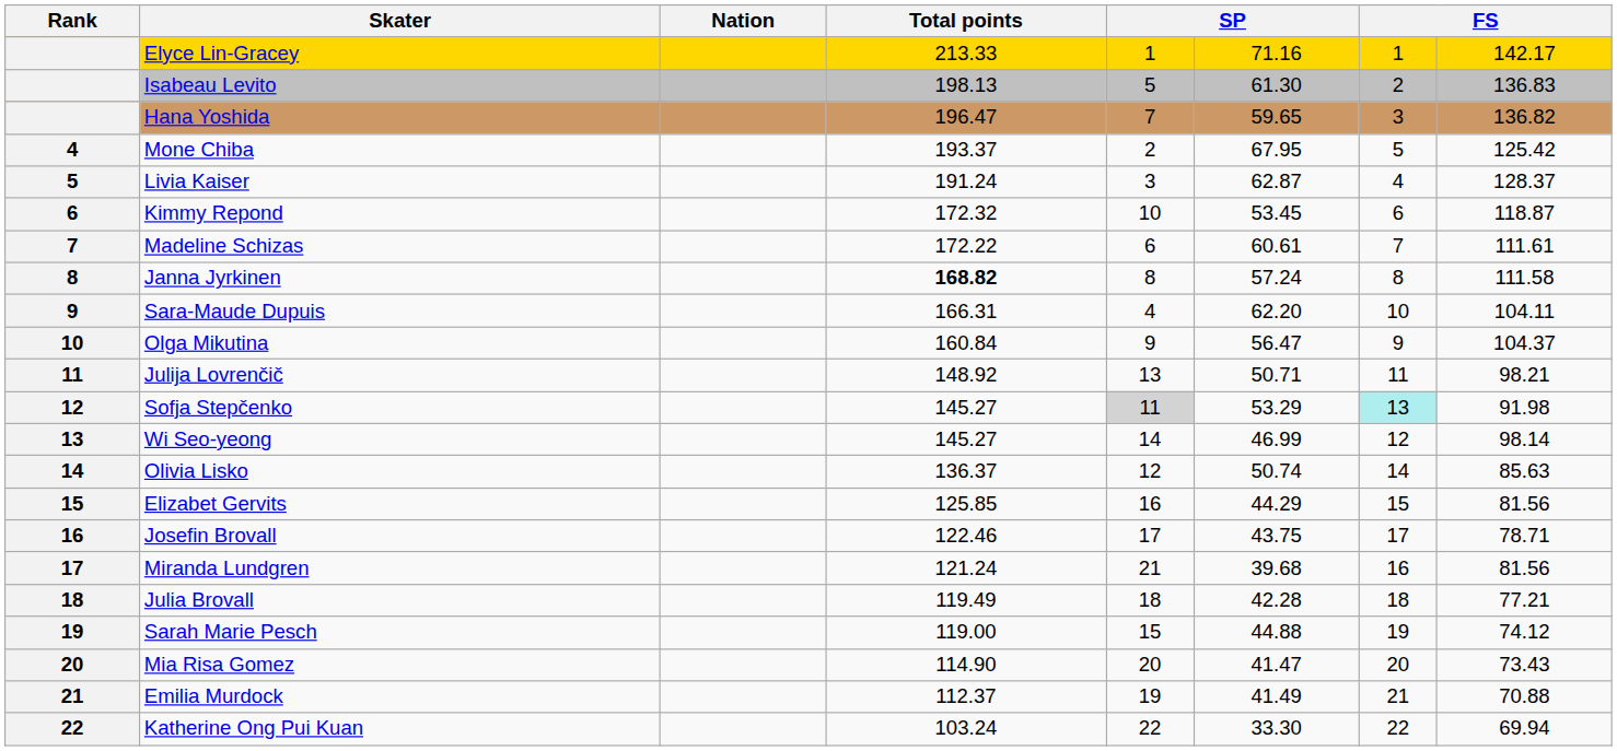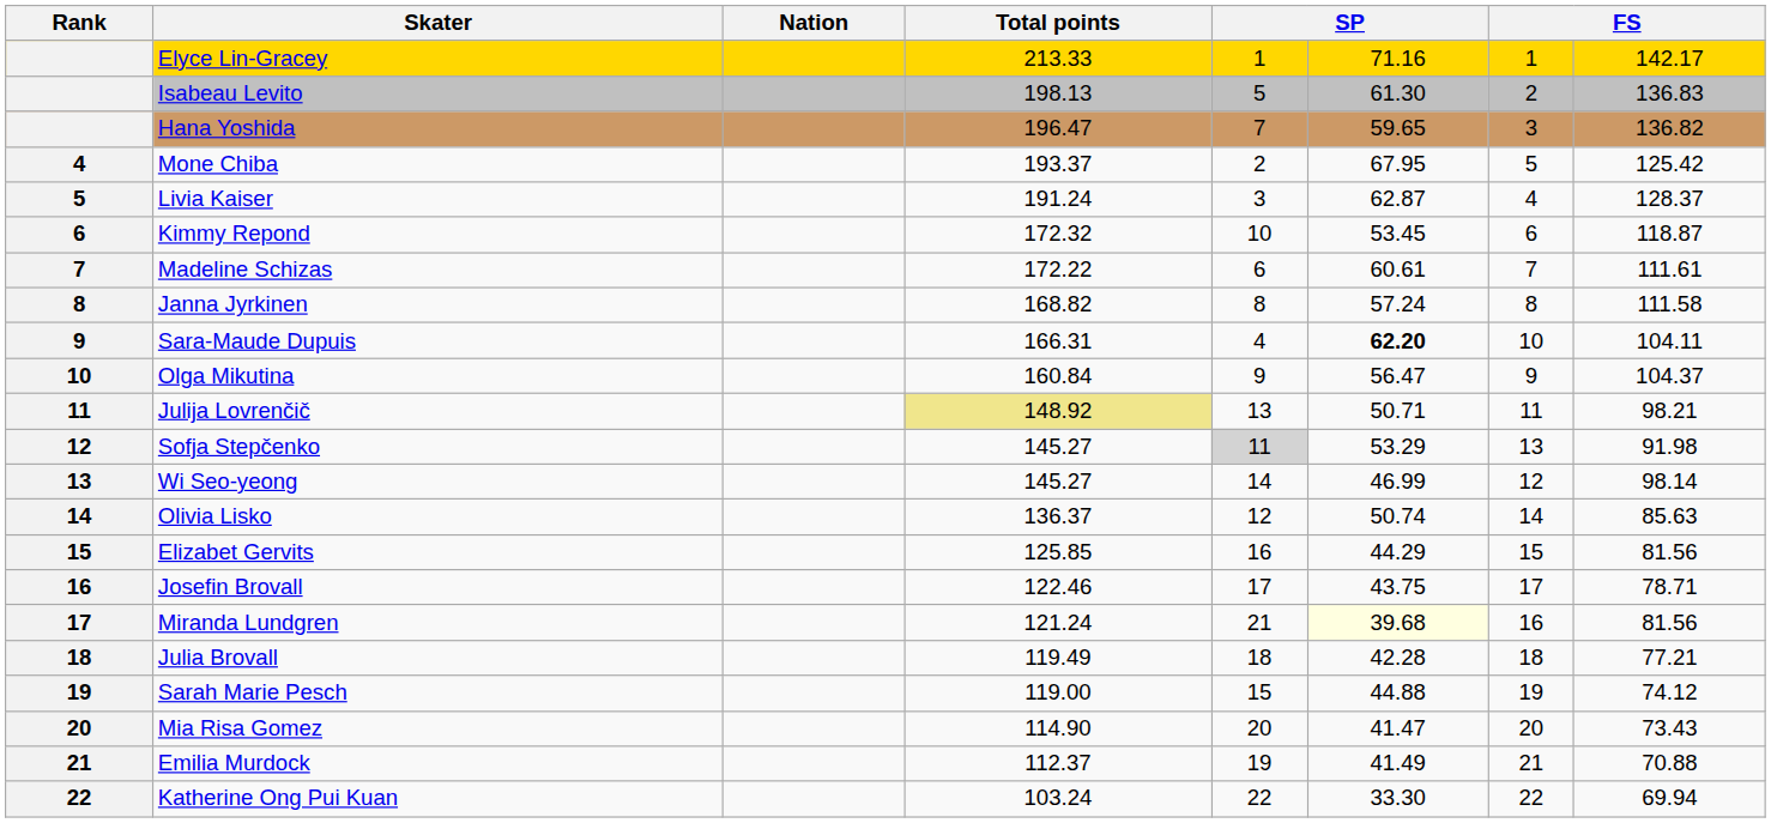 <table class="wikitable sortable" style="text-align:center;" width="80%">
 <tr>
 <th scope="col">Rank</th>
 <th scope="col">Skater</th>
 <th scope="col">Nation</th>
 <th scope="col">Total points</th>
 <th scope="col" colspan="2" width="80px"><a href='#'>SP</a></th>
 <th scope="col" colspan="2" width="80px"><a href='#'>FS</a></th>
 </tr>
 <tr bgcolor="gold">
 <th scope="row"></th>
 <td align="left"><a href='#'>Elyce Lin-Gracey</a></td>
 <td align="left"></td>
 <td>213.33</td>
 <td>1</td>
 <td>71.16</td>
 <td>1</td>
 <td>142.17</td>
 </tr>
 <tr bgcolor="silver">
 <th scope="row"></th>
 <td align="left"><a href='#'>Isabeau Levito</a></td>
 <td align="left"></td>
 <td>198.13</td>
 <td>5</td>
 <td>61.30</td>
 <td>2</td>
 <td>136.83</td>
 </tr>
 <tr bgcolor="cc9966">
 <th scope="row"></th>
 <td align="left"><a href='#'>Hana Yoshida</a></td>
 <td align="left"></td>
 <td>196.47</td>
 <td>7</td>
 <td>59.65</td>
 <td>3</td>
 <td>136.82</td>
 </tr>
 <tr>
 <th scope="row">4</th>
 <td align="left"><a href='#'>Mone Chiba</a></td>
 <td align="left"></td>
 <td>193.37</td>
 <td>2</td>
 <td>67.95</td>
 <td>5</td>
 <td>125.42</td>
 </tr>
 <tr>
 <th scope="row">5</th>
 <td align="left"><a href='#'>Livia Kaiser</a></td>
 <td align="left"></td>
 <td>191.24</td>
 <td>3</td>
 <td>62.87</td>
 <td>4</td>
 <td>128.37</td>
 </tr>
 <tr>
 <th scope="row">6</th>
 <td align="left"><a href='#'>Kimmy Repond</a></td>
 <td align="left"></td>
 <td>172.32</td>
 <td>10</td>
 <td>53.45</td>
 <td>6</td>
 <td>118.87</td>
 </tr>
 <tr>
 <th scope="row">7</th>
 <td align="left"><a href='#'>Madeline Schizas</a></td>
 <td align="left"></td>
 <td>172.22</td>
 <td>6</td>
 <td>60.61</td>
 <td>7</td>
 <td>111.61</td>
 </tr>
 <tr>
 <th scope="row">8</th>
 <td align="left"><a href='#'>Janna Jyrkinen</a></td>
 <td align="left"></td>
-<td><strong>168.82</strong></td>
+<td>168.82</td>
 <td>8</td>
 <td>57.24</td>
 <td>8</td>
 <td>111.58</td>
 </tr>
 <tr>
 <th scope="row">9</th>
 <td align="left"><a href='#'>Sara-Maude Dupuis</a></td>
 <td align="left"></td>
 <td>166.31</td>
 <td>4</td>
-<td>62.20</td>
+<td><strong>62.20</strong></td>
 <td>10</td>
 <td>104.11</td>
 </tr>
 <tr>
 <th scope="row">10</th>
 <td align="left"><a href='#'>Olga Mikutina</a></td>
 <td align="left"></td>
 <td>160.84</td>
 <td>9</td>
 <td>56.47</td>
 <td>9</td>
 <td>104.37</td>
 </tr>
 <tr>
 <th scope="row">11</th>
 <td align="left"><a href='#'>Julija Lovrenčič</a></td>
 <td align="left"></td>
-<td>148.92</td>
+<td style="background: khaki;">148.92</td>
 <td>13</td>
 <td>50.71</td>
 <td>11</td>
 <td>98.21</td>
 </tr>
 <tr>
 <th scope="row">12</th>
 <td align="left"><a href='#'>Sofja Stepčenko</a></td>
 <td align="left"></td>
 <td>145.27</td>
 <td style="background: lightgrey;">11</td>
 <td>53.29</td>
-<td style="background: paleturquoise;">13</td>
+<td>13</td>
 <td>91.98</td>
 </tr>
 <tr>
 <th scope="row">13</th>
 <td align="left"><a href='#'>Wi Seo-yeong</a></td>
 <td align="left"></td>
 <td>145.27</td>
 <td>14</td>
 <td>46.99</td>
 <td>12</td>
 <td>98.14</td>
 </tr>
 <tr>
 <th scope="row">14</th>
 <td align="left"><a href='#'>Olivia Lisko</a></td>
 <td align="left"></td>
 <td>136.37</td>
 <td>12</td>
 <td>50.74</td>
 <td>14</td>
 <td>85.63</td>
 </tr>
 <tr>
 <th scope="row">15</th>
 <td align="left"><a href='#'>Elizabet Gervits</a></td>
 <td align="left"></td>
 <td>125.85</td>
 <td>16</td>
 <td>44.29</td>
 <td>15</td>
 <td>81.56</td>
 </tr>
 <tr>
 <th scope="row">16</th>
 <td align="left"><a href='#'>Josefin Brovall</a></td>
 <td align="left"></td>
 <td>122.46</td>
 <td>17</td>
 <td>43.75</td>
 <td>17</td>
 <td>78.71</td>
 </tr>
 <tr>
 <th scope="row">17</th>
 <td align="left"><a href='#'>Miranda Lundgren</a></td>
 <td align="left"></td>
 <td>121.24</td>
 <td>21</td>
-<td>39.68</td>
+<td style="background: lightyellow;">39.68</td>
 <td>16</td>
 <td>81.56</td>
 </tr>
 <tr>
 <th scope="row">18</th>
 <td align="left"><a href='#'>Julia Brovall</a></td>
 <td align="left"></td>
 <td>119.49</td>
 <td>18</td>
 <td>42.28</td>
 <td>18</td>
 <td>77.21</td>
 </tr>
 <tr>
 <th scope="row">19</th>
 <td align="left"><a href='#'>Sarah Marie Pesch</a></td>
 <td align="left"></td>
 <td>119.00</td>
 <td>15</td>
 <td>44.88</td>
 <td>19</td>
 <td>74.12</td>
 </tr>
 <tr>
 <th scope="row">20</th>
 <td align="left"><a href='#'>Mia Risa Gomez</a></td>
 <td align="left"></td>
 <td>114.90</td>
 <td>20</td>
 <td>41.47</td>
 <td>20</td>
 <td>73.43</td>
 </tr>
 <tr>
 <th scope="row">21</th>
 <td align="left"><a href='#'>Emilia Murdock</a></td>
 <td align="left"></td>
 <td>112.37</td>
 <td>19</td>
 <td>41.49</td>
 <td>21</td>
 <td>70.88</td>
 </tr>
 <tr>
 <th scope="row">22</th>
 <td align="left"><a href='#'>Katherine Ong Pui Kuan</a></td>
 <td align="left"></td>
 <td>103.24</td>
 <td>22</td>
 <td>33.30</td>
 <td>22</td>
 <td>69.94</td>
 </tr>
 </table>
